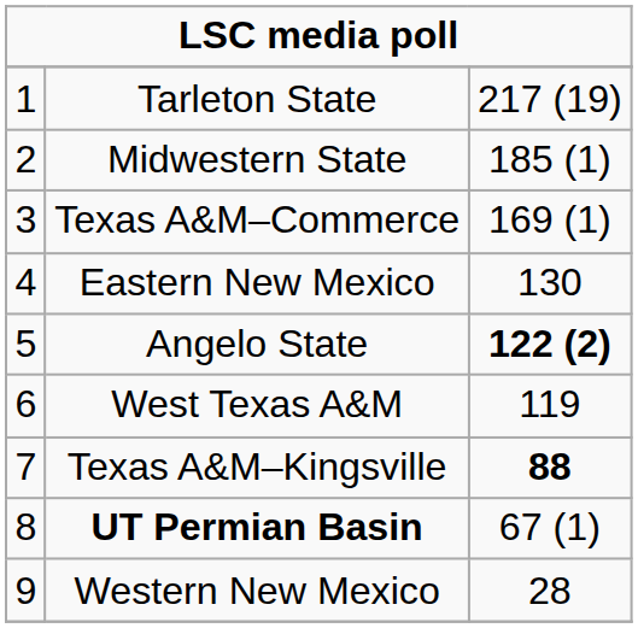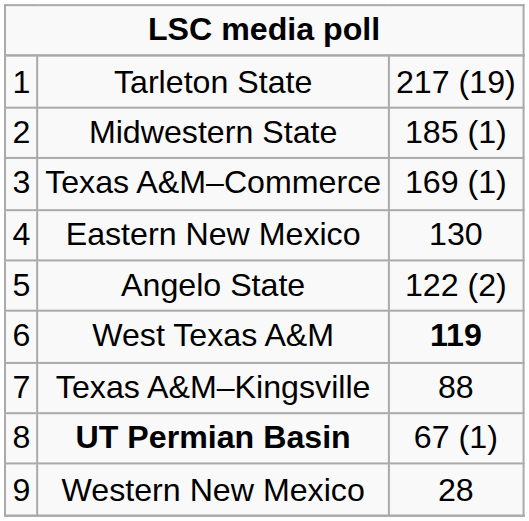 <table class="wikitable" style="display: inline-table;">
 <tr>
 <td align="center" Colspan="3"><strong>LSC media poll</strong></td>
 </tr>
 <tr align="center">
 </tr>
 <tr align="center">
 <td>1</td>
 <td>Tarleton State</td>
 <td>217 (19)</td>
 </tr>
 <tr align="center">
 <td>2</td>
 <td>Midwestern State</td>
 <td>185 (1)</td>
 </tr>
 <tr align="center">
 <td>3</td>
 <td>Texas A&M–Commerce</td>
 <td>169 (1)</td>
 </tr>
 <tr align="center">
 <td>4</td>
 <td>Eastern New Mexico</td>
 <td>130</td>
 </tr>
 <tr align="center">
 <td>5</td>
 <td>Angelo State</td>
-<td><strong>122 (2)</strong></td>
+<td>122 (2)</td>
 </tr>
 <tr align="center">
 <td>6</td>
 <td>West Texas A&M</td>
-<td>119</td>
+<td><strong>119</strong></td>
 </tr>
 <tr align="center">
 <td>7</td>
 <td>Texas A&M–Kingsville</td>
-<td><strong>88</strong></td>
+<td>88</td>
 </tr>
 <tr align="center">
 <td>8</td>
 <td><strong>UT Permian Basin</strong></td>
 <td>67 (1)</td>
 </tr>
 <tr align="center">
 <td>9</td>
 <td>Western New Mexico</td>
 <td>28</td>
 </tr>
 <tr>
 </tr>
 </table>
